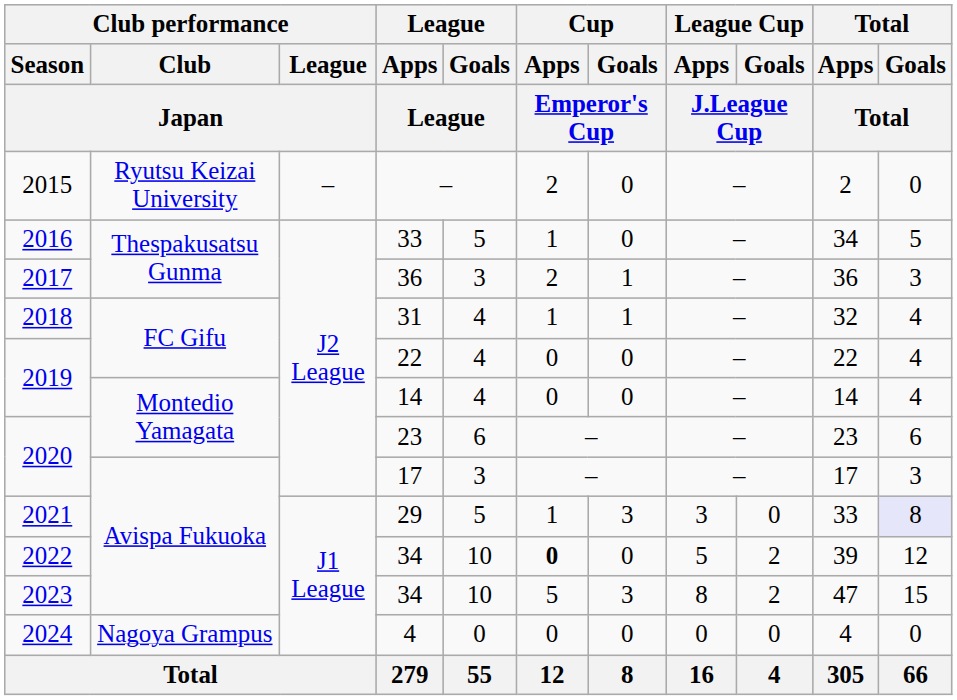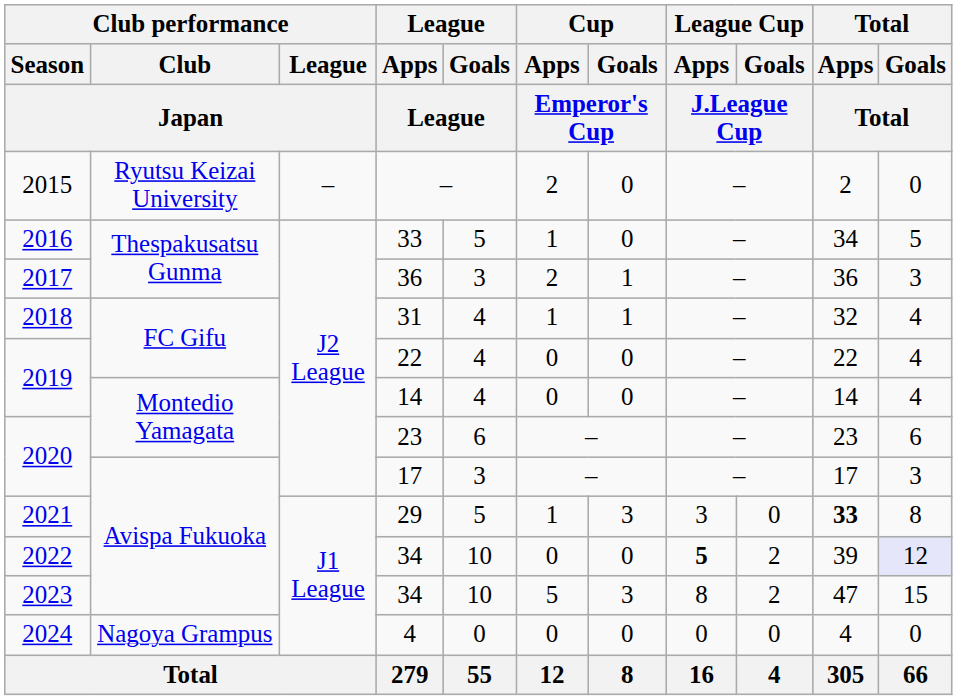 <table class="wikitable" style="text-align:center;">
 <tr>
 <th colspan=3>Club performance</th>
 <th colspan=2>League</th>
 <th colspan=2>Cup</th>
 <th colspan="2">League Cup</th>
 <th colspan=2>Total</th>
 </tr>
 <tr>
 <th>Season</th>
 <th>Club</th>
 <th>League</th>
 <th>Apps</th>
 <th>Goals</th>
 <th>Apps</th>
 <th>Goals</th>
 <th>Apps</th>
 <th>Goals</th>
 <th>Apps</th>
 <th>Goals</th>
 </tr>
 <tr>
 <th colspan=3>Japan</th>
 <th colspan=2>League</th>
 <th colspan=2><a href='#'>Emperor's Cup</a></th>
 <th colspan="2"><a href='#'>J.League Cup</a></th>
 <th colspan=2>Total</th>
 </tr>
 <tr>
 <td>2015</td>
 <td><a href='#'>Ryutsu Keizai University</a></td>
 <td>–</td>
 <td colspan="2">–</td>
 <td>2</td>
 <td>0</td>
 <td colspan="2">–</td>
 <td>2</td>
 <td>0</td>
 </tr>
 <tr>
 <td><a href='#'>2016</a></td>
 <td rowspan="2"><a href='#'>Thespakusatsu Gunma</a></td>
 <td rowspan="7"><a href='#'>J2 League</a></td>
 <td>33</td>
 <td>5</td>
 <td>1</td>
 <td>0</td>
 <td colspan="2">–</td>
 <td>34</td>
 <td>5</td>
 </tr>
 <tr>
 <td><a href='#'>2017</a></td>
 <td>36</td>
 <td>3</td>
 <td>2</td>
 <td>1</td>
 <td colspan="2">–</td>
 <td>36</td>
 <td>3</td>
 </tr>
 <tr>
 <td><a href='#'>2018</a></td>
 <td rowspan="2"><a href='#'>FC Gifu</a></td>
 <td>31</td>
 <td>4</td>
 <td>1</td>
 <td>1</td>
 <td colspan="2">–</td>
 <td>32</td>
 <td>4</td>
 </tr>
 <tr>
 <td rowspan="2"><a href='#'>2019</a></td>
 <td>22</td>
 <td>4</td>
 <td>0</td>
 <td>0</td>
 <td colspan="2">–</td>
 <td>22</td>
 <td>4</td>
 </tr>
 <tr>
 <td rowspan="2"><a href='#'>Montedio Yamagata</a></td>
 <td>14</td>
 <td>4</td>
 <td>0</td>
 <td>0</td>
 <td colspan="2">–</td>
 <td>14</td>
 <td>4</td>
 </tr>
 <tr>
 <td rowspan="2"><a href='#'>2020</a></td>
 <td>23</td>
 <td>6</td>
 <td colspan="2">–</td>
 <td colspan="2">–</td>
 <td>23</td>
 <td>6</td>
 </tr>
 <tr>
 <td rowspan="4"><a href='#'>Avispa Fukuoka</a></td>
 <td>17</td>
 <td>3</td>
 <td colspan="2">–</td>
 <td colspan="2">–</td>
 <td>17</td>
 <td>3</td>
 </tr>
 <tr>
 <td><a href='#'>2021</a></td>
 <td rowspan="4"><a href='#'>J1 League</a></td>
 <td>29</td>
 <td>5</td>
 <td>1</td>
 <td>3</td>
 <td>3</td>
 <td>0</td>
-<td>33</td>
-<td style="background: lavender;">8</td>
+<td><strong>33</strong></td>
+<td>8</td>
 </tr>
 <tr>
 <td><a href='#'>2022</a></td>
 <td>34</td>
 <td>10</td>
-<td><strong>0</strong></td>
 <td>0</td>
-<td>5</td>
+<td>0</td>
+<td><strong>5</strong></td>
 <td>2</td>
 <td>39</td>
-<td>12</td>
+<td style="background: lavender;">12</td>
 </tr>
 <tr>
 <td><a href='#'>2023</a></td>
 <td>34</td>
 <td>10</td>
 <td>5</td>
 <td>3</td>
 <td>8</td>
 <td>2</td>
 <td>47</td>
 <td>15</td>
 </tr>
 <tr>
 <td><a href='#'>2024</a></td>
 <td><a href='#'>Nagoya Grampus</a></td>
 <td>4</td>
 <td>0</td>
 <td>0</td>
 <td>0</td>
 <td>0</td>
 <td>0</td>
 <td>4</td>
 <td>0</td>
 </tr>
 <tr>
 <th colspan="3">Total</th>
 <th>279</th>
 <th>55</th>
 <th>12</th>
 <th>8</th>
 <th>16</th>
 <th>4</th>
 <th>305</th>
 <th>66</th>
 </tr>
 </table>
